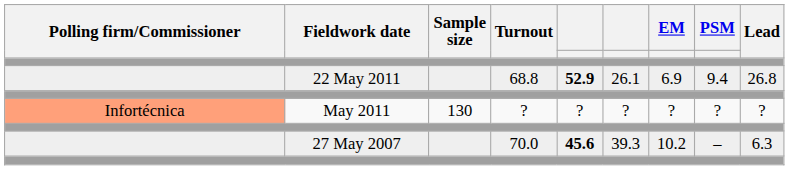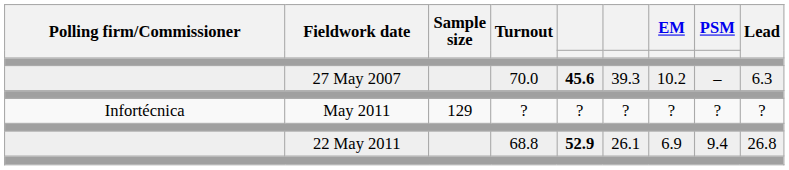 <table class="wikitable collapsible collapsed" style="text-align:center; font-size:95%; line-height:16px;">
 <tr style="height:42px;">
 <th style="width:250px;" rowspan="2">Polling firm/Commissioner</th>
 <th style="width:125px;" rowspan="2">Fieldwork date</th>
 <th style="width:50px;" rowspan="2">Sample size</th>
 <th style="width:45px;" rowspan="2">Turnout</th>
 <th style="width:35px;"></th>
 <th style="width:35px;"></th>
 <th style="width:35px;"><a href='#'>EM</a></th>
 <th style="width:35px;"><a href='#'>PSM</a></th>
 <th style="width:30px;" rowspan="2">Lead</th>
 </tr>
 <tr>
 <th style="color:inherit;background:"></th>
 <th style="color:inherit;background:"></th>
 <th style="color:inherit;background:"></th>
 <th style="color:inherit;background:"></th>
 </tr>
 <tr>
 <td colspan="9" style="background:#A0A0A0"></td>
 </tr>
 <tr style="background:#EFEFEF;">
 <td><strong></strong></td>
+<td>27 May 2007</td>
+<td></td>
+<td>70.0</td>
+<td><strong>45.6</strong><br></td>
+<td>39.3<br></td>
+<td>10.2<br></td>
+<td>–</td>
+<td style="background:">6.3</td>
+</tr>
+<tr>
+<td colspan="9" style="background:#A0A0A0"></td>
+</tr>
+<tr>
+<td>Infortécnica</td>
+<td>May 2011</td>
+<td>129</td>
+<td>?</td>
+<td>?<br></td>
+<td>?<br></td>
+<td>?<br></td>
+<td>?<br></td>
+<td style="background:">?</td>
+</tr>
+<tr>
+<td colspan="9" style="background:#A0A0A0"></td>
+</tr>
+<tr style="background:#EFEFEF;">
+<td><strong></strong></td>
 <td>22 May 2011</td>
 <td></td>
 <td>68.8</td>
 <td><strong>52.9</strong><br></td>
 <td>26.1<br></td>
 <td>6.9<br></td>
 <td>9.4<br></td>
 <td style="background:">26.8</td>
 </tr>
 <tr>
 <td colspan="9" style="background:#A0A0A0"></td>
 </tr>
-<tr>
-<td style="background: lightsalmon;">Infortécnica</td>
-<td>May 2011</td>
-<td>130</td>
-<td>?</td>
-<td>?<br></td>
-<td>?<br></td>
-<td>?<br></td>
-<td>?<br></td>
-<td style="background:">?</td>
-</tr>
-<tr>
-<td colspan="9" style="background:#A0A0A0"></td>
-</tr>
-<tr style="background:#EFEFEF;">
-<td><strong></strong></td>
-<td>27 May 2007</td>
-<td></td>
-<td>70.0</td>
-<td><strong>45.6</strong><br></td>
-<td>39.3<br></td>
-<td>10.2<br></td>
-<td>–</td>
-<td style="background:">6.3</td>
-</tr>
-<tr>
-<td colspan="9" style="background:#A0A0A0"></td>
-</tr>
 </table>
